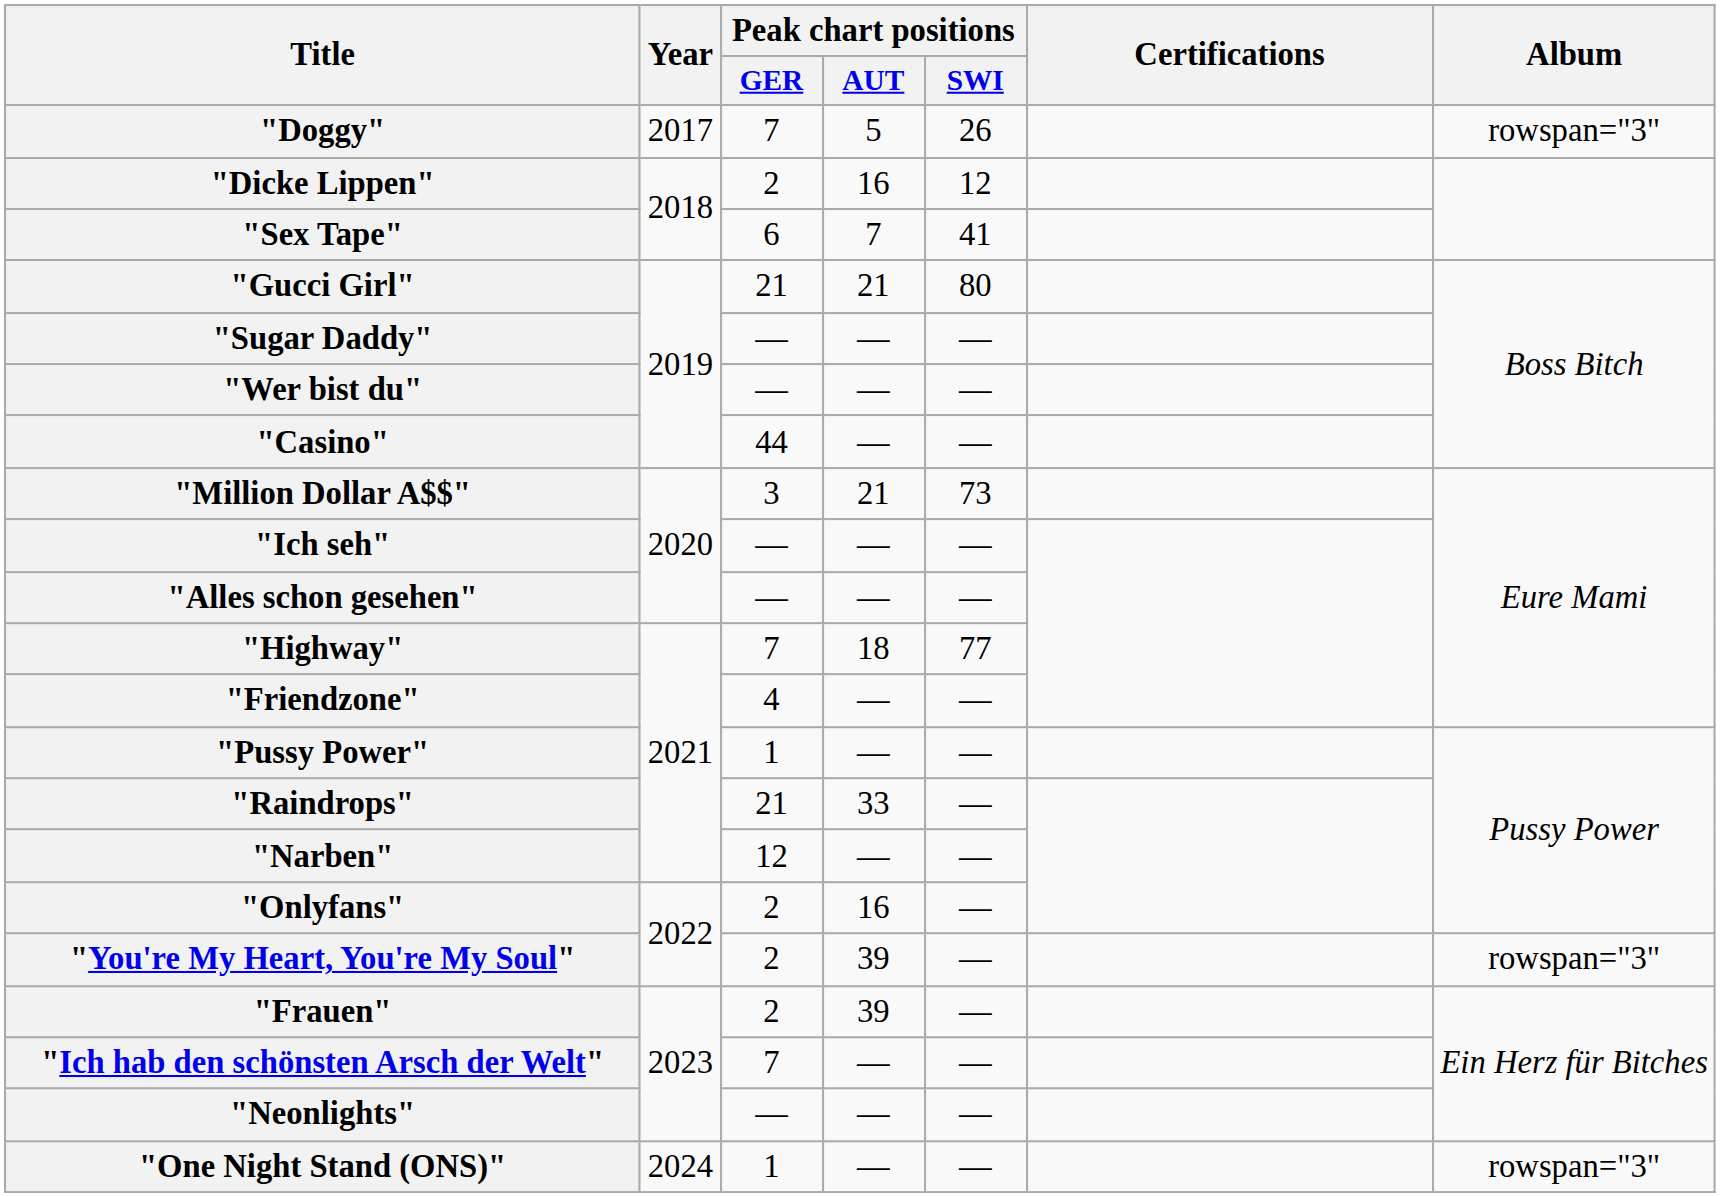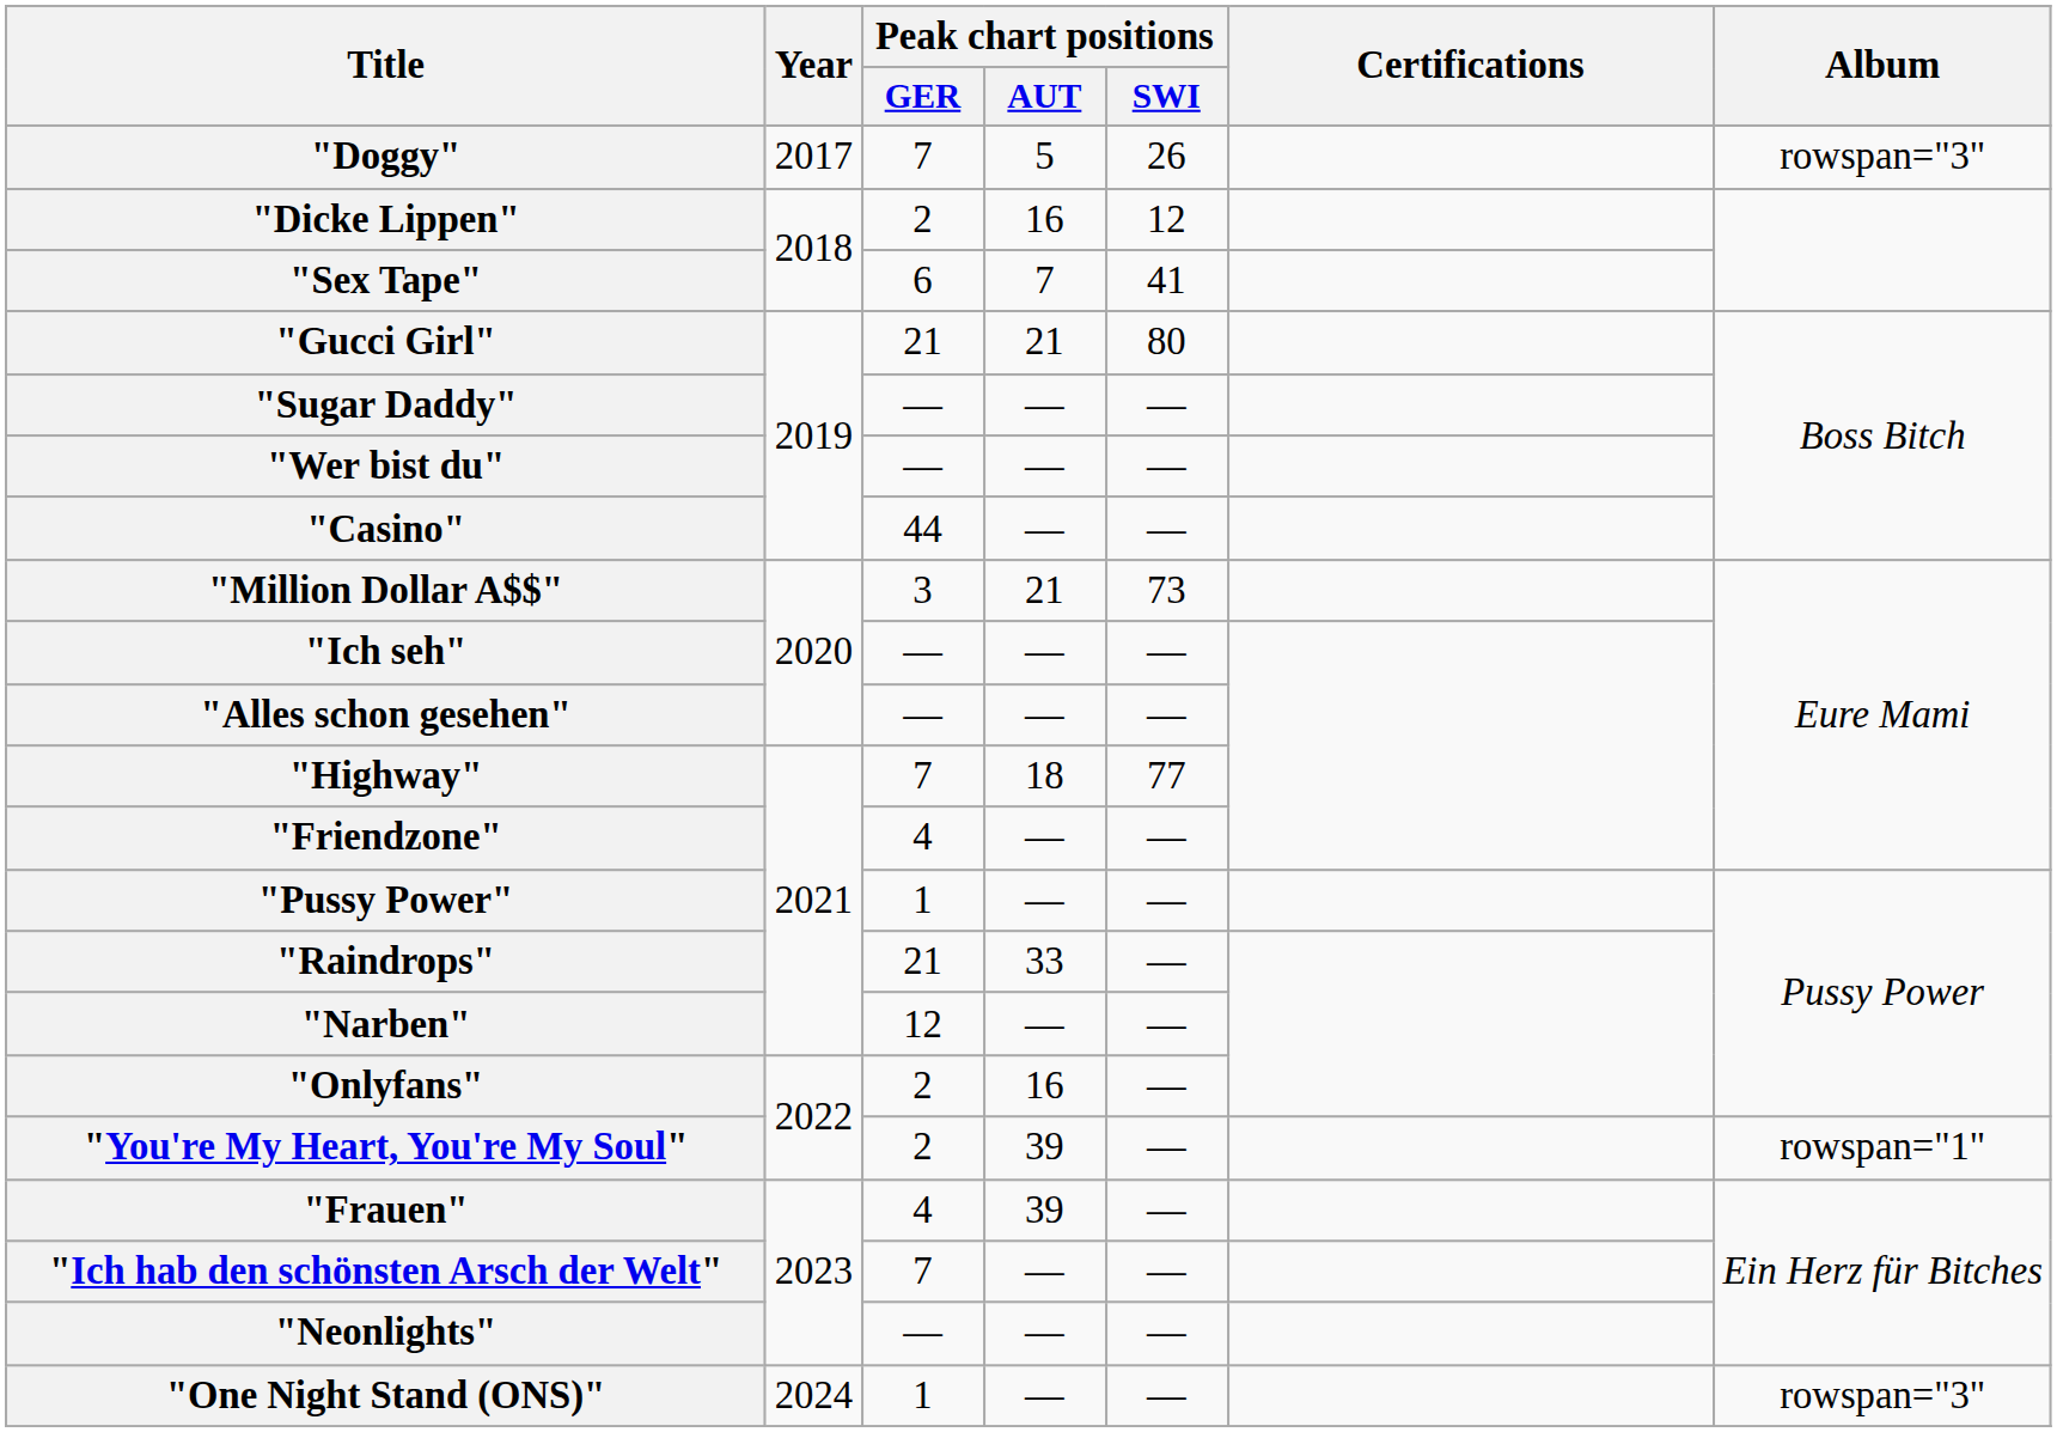 <table class="wikitable plainrowheaders" style="text-align: center;">
 <tr>
 <th scope="col" rowspan="2" style="width:19em;">Title</th>
 <th scope="col" rowspan="2">Year</th>
 <th scope="col" colspan="3">Peak chart positions</th>
 <th scope="col" rowspan="2" style="width:12em;">Certifications</th>
 <th rowspan="2">Album</th>
 </tr>
 <tr>
 <th scope="col" style="width:3em;font-size:90%;"><a href='#'>GER</a><br></th>
 <th scope="col" style="width:3em;font-size:90%;"><a href='#'>AUT</a><br></th>
 <th scope="col" style="width:3em;font-size:90%;"><a href='#'>SWI</a><br></th>
 </tr>
 <tr>
 <th scope="row">"Doggy"</th>
 <td rowspan="1">2017</td>
 <td>7</td>
 <td>5</td>
 <td>26</td>
 <td></td>
 <td>rowspan="3" </td>
 </tr>
 <tr>
 <th scope="row">"Dicke Lippen"</th>
 <td rowspan="2">2018</td>
 <td>2</td>
 <td>16</td>
 <td>12</td>
 <td></td>
 </tr>
 <tr>
 <th scope="row">"Sex Tape"</th>
 <td>6</td>
 <td>7</td>
 <td>41</td>
 <td></td>
 </tr>
 <tr>
 <th scope="row">"Gucci Girl"</th>
 <td rowspan="4">2019</td>
 <td>21</td>
 <td>21</td>
 <td>80</td>
 <td></td>
 <td rowspan="4"><em>Boss Bitch</em></td>
 </tr>
 <tr>
 <th scope="row">"Sugar Daddy"</th>
 <td>—</td>
 <td>—</td>
 <td>—</td>
 <td></td>
 </tr>
 <tr>
 <th scope="row">"Wer bist du"</th>
 <td>—</td>
 <td>—</td>
 <td>—</td>
 <td></td>
 </tr>
 <tr>
 <th scope="row">"Casino"</th>
 <td>44</td>
 <td>—</td>
 <td>—</td>
 <td></td>
 </tr>
 <tr>
 <th scope="row">"Million Dollar A$$"<br></th>
 <td rowspan="3">2020</td>
 <td>3</td>
 <td>21</td>
 <td>73</td>
 <td></td>
 <td rowspan="5"><em>Eure Mami</em></td>
 </tr>
 <tr>
 <th scope="row">"Ich seh"</th>
 <td>—</td>
 <td>—</td>
 <td>—</td>
 </tr>
 <tr>
 <th scope="row">"Alles schon gesehen"</th>
 <td>—</td>
 <td>—</td>
 <td>—</td>
 </tr>
 <tr>
 <th scope="row">"Highway"<br></th>
 <td rowspan="5">2021</td>
 <td>7</td>
 <td>18</td>
 <td>77</td>
 </tr>
 <tr>
 <th scope="row">"Friendzone"</th>
 <td>4</td>
 <td>—</td>
 <td>—</td>
 </tr>
 <tr>
 <th scope="row">"Pussy Power"</th>
 <td>1</td>
 <td>—</td>
 <td>—</td>
 <td></td>
 <td rowspan="4"><em>Pussy Power</em></td>
 </tr>
 <tr>
 <th scope="row">"Raindrops"<br></th>
 <td>21</td>
 <td>33</td>
 <td>—</td>
 </tr>
 <tr>
 <th scope="row">"Narben"<br></th>
 <td>12</td>
 <td>—</td>
 <td>—</td>
 </tr>
 <tr>
 <th scope="row">"Onlyfans"</th>
 <td rowspan="2">2022</td>
 <td>2</td>
 <td>16</td>
 <td>—</td>
 </tr>
 <tr>
 <th scope="row">"<a href='#'>You're My Heart, You're My Soul</a>"<br></th>
 <td>2</td>
 <td>39</td>
 <td>—</td>
 <td></td>
-<td>rowspan="3" </td>
+<td>rowspan="1" </td>
 </tr>
 <tr>
 <th scope="row">"Frauen"</th>
 <td rowspan="3">2023</td>
-<td>2</td>
+<td>4</td>
 <td>39</td>
 <td>—</td>
 <td></td>
 <td rowspan="3"><em>Ein Herz für Bitches</em></td>
 </tr>
 <tr>
 <th scope="row">"<a href='#'>Ich hab den schönsten Arsch der Welt</a>"<br></th>
 <td>7</td>
 <td>—</td>
 <td>—</td>
 <td></td>
 </tr>
 <tr>
 <th scope="row">"Neonlights"<br></th>
 <td>—</td>
 <td>—</td>
 <td>—</td>
 <td></td>
 </tr>
 <tr>
 <th scope="row">"One Night Stand (ONS)"<br></th>
 <td rowspan="1">2024</td>
 <td>1</td>
 <td>—</td>
 <td>—</td>
 <td></td>
 <td>rowspan="3" </td>
 </tr>
 <tr>
 </tr>
 </table>
